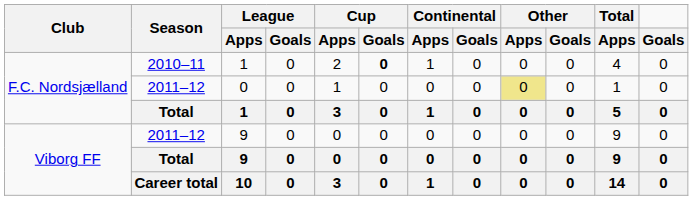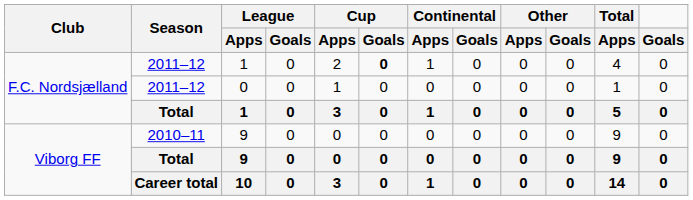 <table class="wikitable" style="text-align:center">
 <tr>
 <th rowspan="2">Club</th>
 <th rowspan="2">Season</th>
 <th colspan="2">League</th>
 <th colspan="2">Cup</th>
 <th colspan="2">Continental</th>
 <th colspan="2">Other</th>
 <th colspan="1">Total</th>
 </tr>
 <tr>
 <th>Apps</th>
 <th>Goals</th>
 <th>Apps</th>
 <th>Goals</th>
 <th>Apps</th>
 <th>Goals</th>
 <th>Apps</th>
 <th>Goals</th>
 <th>Apps</th>
 <th>Goals</th>
 </tr>
 <tr>
 <td rowspan="3"><a href='#'>F.C. Nordsjælland</a></td>
-<td><a href='#'>2010–11</a></td>
+<td><a href='#'>2011–12</a></td>
 <td>1</td>
 <td>0</td>
 <td>2</td>
 <td><strong>0</strong></td>
 <td>1</td>
 <td>0</td>
 <td>0</td>
 <td>0</td>
 <td>4</td>
 <td>0</td>
 </tr>
 <tr>
 <td><a href='#'>2011–12</a></td>
 <td>0</td>
 <td>0</td>
 <td>1</td>
 <td>0</td>
 <td>0</td>
 <td>0</td>
-<td style="background: khaki;">0</td>
+<td>0</td>
 <td>0</td>
 <td>1</td>
 <td>0</td>
 </tr>
 <tr>
 <th>Total</th>
 <th>1</th>
 <th>0</th>
 <th>3</th>
 <th>0</th>
 <th>1</th>
 <th>0</th>
 <th>0</th>
 <th>0</th>
 <th>5</th>
 <th>0</th>
 </tr>
 <tr>
 <td rowspan="3"><a href='#'>Viborg FF</a></td>
-<td><a href='#'>2011–12</a></td>
+<td><a href='#'>2010–11</a></td>
 <td>9</td>
 <td>0</td>
 <td>0</td>
 <td>0</td>
 <td>0</td>
 <td>0</td>
 <td>0</td>
 <td>0</td>
 <td>9</td>
 <td>0</td>
 </tr>
 <tr>
 <th>Total</th>
 <th>9</th>
 <th>0</th>
 <th>0</th>
 <th>0</th>
 <th>0</th>
 <th>0</th>
 <th>0</th>
 <th>0</th>
 <th>9</th>
 <th>0</th>
 </tr>
 <tr>
 <th colspan="1">Career total</th>
 <th>10</th>
 <th>0</th>
 <th>3</th>
 <th>0</th>
 <th>1</th>
 <th>0</th>
 <th>0</th>
 <th>0</th>
 <th>14</th>
 <th>0</th>
 </tr>
 </table>
